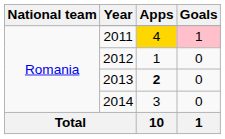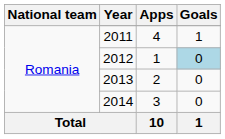 <table class="wikitable" style="text-align: center;">
 <tr>
 <th>National team</th>
 <th>Year</th>
 <th>Apps</th>
 <th>Goals</th>
 </tr>
 <tr>
 <td rowspan="5"><a href='#'>Romania</a></td>
 </tr>
 <tr>
 <td>2011</td>
-<td style="background: gold;">4</td>
-<td style="background: pink;">1</td>
+<td>4</td>
+<td>1</td>
 </tr>
 <tr>
 <td>2012</td>
 <td>1</td>
-<td>0</td>
+<td style="background: lightblue;">0</td>
 </tr>
 <tr>
 <td>2013</td>
-<td><strong>2</strong></td>
+<td>2</td>
 <td>0</td>
 </tr>
 <tr>
 <td>2014</td>
 <td>3</td>
 <td>0</td>
 </tr>
 <tr>
 <th colspan=2>Total</th>
 <th>10</th>
 <th>1</th>
 </tr>
 </table>
